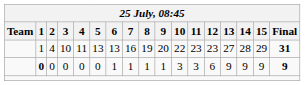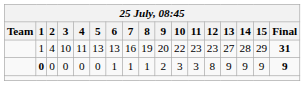 <table class=wikitable style="text-align:center; width: 55%">
 <tr>
 <th colspan=17><em>25 July, 08:45</em></th>
 </tr>
 <tr>
 <th>Team</th>
 <th>1</th>
 <th>2</th>
 <th>3</th>
 <th>4</th>
 <th>5</th>
 <th>6</th>
 <th>7</th>
 <th>8</th>
 <th>9</th>
 <th>10</th>
 <th>11</th>
 <th>12</th>
 <th>13</th>
 <th>14</th>
 <th>15</th>
 <th>Final</th>
 </tr>
 <tr>
 <td align=left><strong></strong></td>
 <td>1</td>
 <td>4</td>
 <td>10</td>
 <td>11</td>
 <td>13</td>
 <td>13</td>
 <td>16</td>
 <td>19</td>
 <td>20</td>
 <td>22</td>
 <td>23</td>
 <td>23</td>
 <td>27</td>
 <td>28</td>
 <td>29</td>
 <td><strong>31</strong></td>
 </tr>
 <tr>
 <td align=left></td>
 <td><strong>0</strong></td>
 <td>0</td>
 <td>0</td>
 <td>0</td>
 <td>0</td>
 <td>1</td>
 <td>1</td>
 <td>1</td>
-<td>1</td>
+<td>2</td>
 <td>3</td>
 <td>3</td>
-<td>6</td>
+<td>8</td>
 <td>9</td>
 <td>9</td>
 <td>9</td>
 <td><strong>9</strong></td>
 </tr>
 <tr>
 <td colspan=17></td>
 </tr>
 </table>
